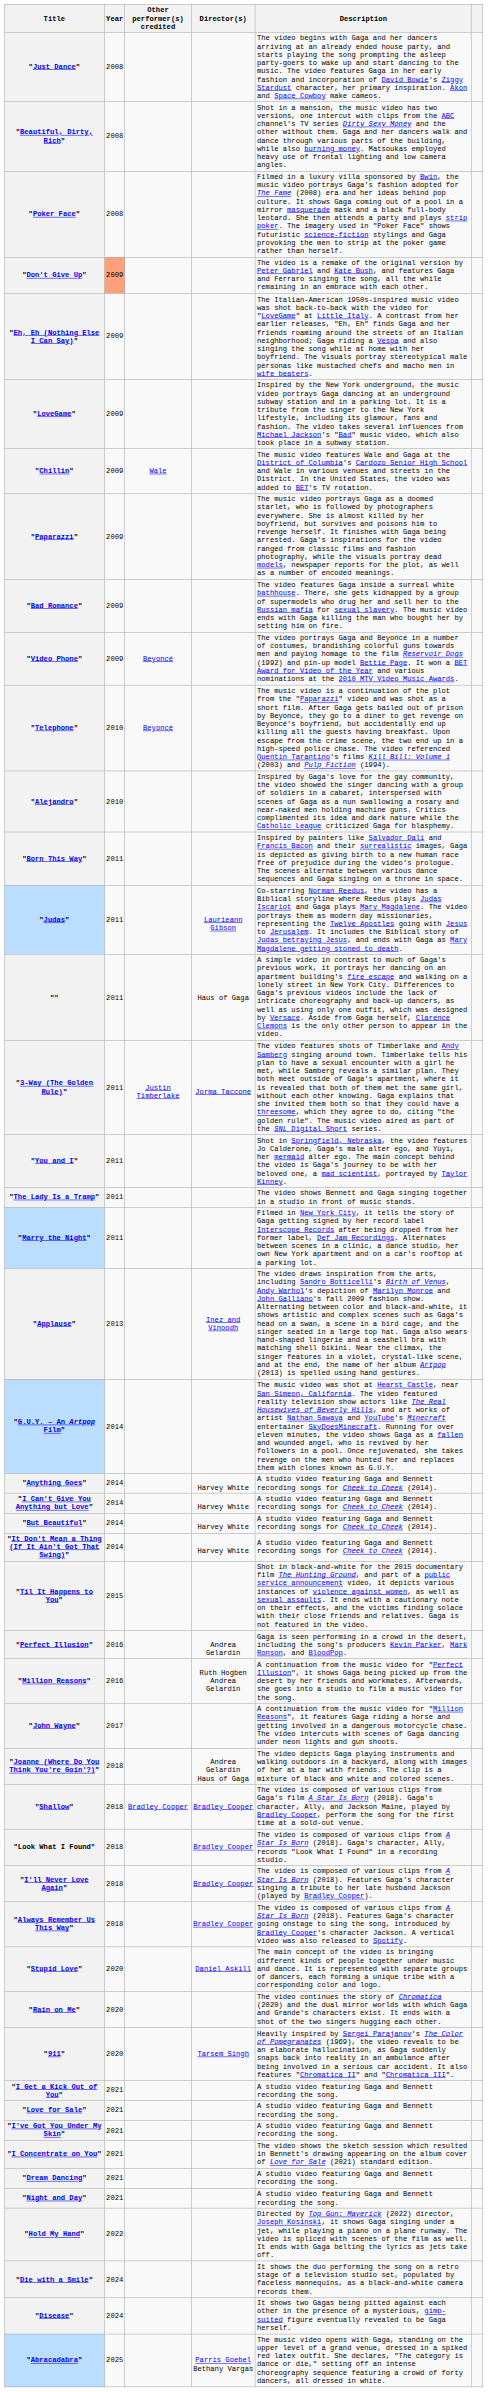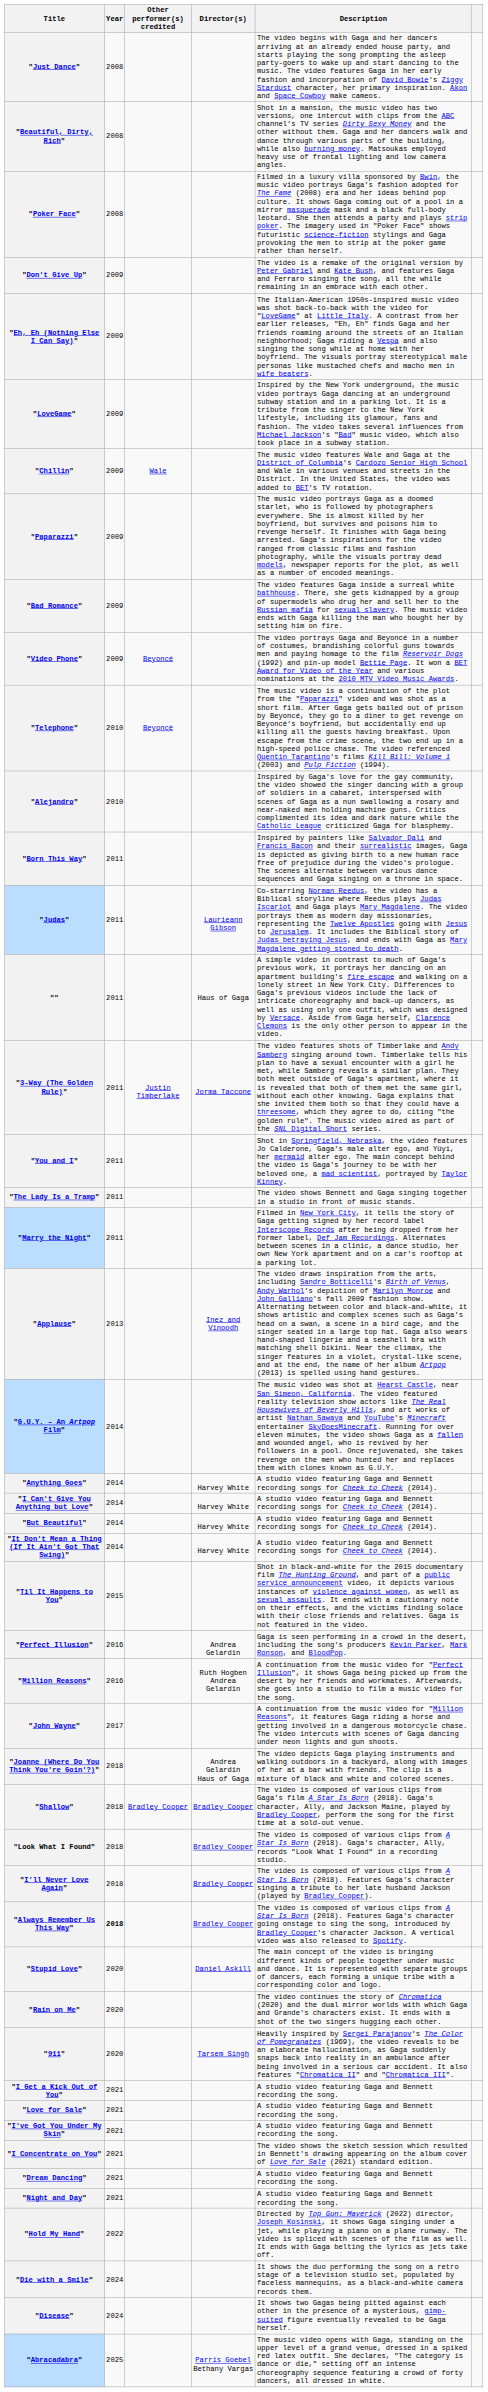 <table class="wikitable sortable plainrowheaders" style="text-align:center;">
 <tr>
 <th scope="col" style="width:18em;">Title</th>
 <th scope="col" style="width:2em;">Year</th>
 <th scope="col" style="width:10em;">Other performer(s) credited</th>
 <th scope="col" style="width:10em;">Director(s)</th>
 <th scope="col" style="width:45em;" class="unsortable">Description</th>
 <th scope="col" style="width:2em;" class="unsortable"></th>
 </tr>
 <tr>
 <th scope="row">"<a href='#'>Just Dance</a>"</th>
 <td>2008</td>
 <td></td>
 <td></td>
 <td style="text-align:left;">The video begins with Gaga and her dancers arriving at an already ended house party, and starts playing the song prompting the asleep party-goers to wake up and start dancing to the music. The video features Gaga in her early fashion and incorporation of <a href='#'>David Bowie</a>'s <a href='#'>Ziggy Stardust</a> character, her primary inspiration. <a href='#'>Akon</a> and <a href='#'>Space Cowboy</a> make cameos.</td>
 <td></td>
 </tr>
 <tr>
 <th scope="row">"<a href='#'>Beautiful, Dirty, Rich</a>"</th>
 <td>2008</td>
 <td></td>
 <td></td>
 <td style="text-align:left;">Shot in a mansion, the music video has two versions, one intercut with clips from the <a href='#'>ABC</a> channel's TV series <em><a href='#'>Dirty Sexy Money</a></em> and the other without them. Gaga and her dancers walk and dance through various parts of the building, while also <a href='#'>burning money</a>. Matsoukas employed heavy use of frontal lighting and low camera angles.</td>
 <td></td>
 </tr>
 <tr>
 <th scope="row">"<a href='#'>Poker Face</a>"</th>
 <td>2008</td>
 <td></td>
 <td></td>
 <td style="text-align:left;">Filmed in a luxury villa sponsored by <a href='#'>Bwin</a>, the music video portrays Gaga's fashion adopted for <em><a href='#'>The Fame</a></em> (2008) era and her ideas behind pop culture. It shows Gaga coming out of a pool in a mirror <a href='#'>masquerade</a> mask and a black full-body leotard. She then attends a party and plays <a href='#'>strip poker</a>. The imagery used in "Poker Face" shows futuristic <a href='#'>science-fiction</a> stylings and Gaga provoking the men to strip at the poker game rather than herself.</td>
 <td></td>
 </tr>
 <tr>
 <th scope="row">"<a href='#'>Don't Give Up</a>"</th>
-<td style="background: lightsalmon;">2009</td>
+<td>2009</td>
 <td></td>
 <td></td>
 <td style="text-align:left;">The video is a remake of the original version by <a href='#'>Peter Gabriel</a> and <a href='#'>Kate Bush</a>, and features Gaga and Ferraro singing the song, all the while remaining in an embrace with each other.</td>
 <td></td>
 </tr>
 <tr>
 <th scope="row">"<a href='#'>Eh, Eh (Nothing Else I Can Say)</a>"</th>
 <td>2009</td>
 <td></td>
 <td></td>
 <td style="text-align:left;">The Italian-American 1950s-inspired music video was shot back-to-back with the video for "<a href='#'>LoveGame</a>" at <a href='#'>Little Italy</a>. A contrast from her earlier releases, "Eh, Eh" finds Gaga and her friends roaming around the streets of an Italian neighborhood; Gaga riding a <a href='#'>Vespa</a> and also singing the song while at home with her boyfriend. The visuals portray stereotypical male personas like mustached chefs and macho men in <a href='#'>wife beaters</a>.</td>
 <td></td>
 </tr>
 <tr>
 <th scope="row">"<a href='#'>LoveGame</a>"</th>
 <td>2009</td>
 <td></td>
 <td></td>
 <td style="text-align:left;">Inspired by the New York underground, the music video portrays Gaga dancing at an underground subway station and in a parking lot. It is a tribute from the singer to the New York lifestyle, including its glamour, fans and fashion. The video takes several influences from <a href='#'>Michael Jackson</a>'s "<a href='#'>Bad</a>" music video, which also took place in a subway station.</td>
 <td></td>
 </tr>
 <tr>
 <th scope="row">"<a href='#'>Chillin</a>"</th>
 <td>2009</td>
 <td><a href='#'>Wale</a></td>
 <td></td>
 <td style="text-align:left;">The music video features Wale and Gaga at the <a href='#'>District of Columbia</a>'s <a href='#'>Cardozo Senior High School</a> and Wale in various venues and streets in the District. In the United States, the video was added to <a href='#'>BET</a>'s TV rotation.</td>
 <td></td>
 </tr>
 <tr>
 <th scope="row">"<a href='#'>Paparazzi</a>"</th>
 <td>2009</td>
 <td></td>
 <td></td>
 <td style="text-align:left;">The music video portrays Gaga as a doomed starlet, who is followed by photographers everywhere. She is almost killed by her boyfriend, but survives and poisons him to revenge herself. It finishes with Gaga being arrested. Gaga's inspirations for the video ranged from classic films and fashion photography, while the visuals portray dead <a href='#'>models</a>, newspaper reports for the plot, as well as a number of encoded meanings.</td>
 <td></td>
 </tr>
 <tr>
 <th scope="row">"<a href='#'>Bad Romance</a>"</th>
 <td>2009</td>
 <td></td>
 <td></td>
 <td style="text-align:left;">The video features Gaga inside a surreal white <a href='#'>bathhouse</a>. There, she gets kidnapped by a group of supermodels who drug her and sell her to the <a href='#'>Russian mafia</a> for <a href='#'>sexual slavery</a>. The music video ends with Gaga killing the man who bought her by setting him on fire.</td>
 <td></td>
 </tr>
 <tr>
 <th scope="row">"<a href='#'>Video Phone</a>"</th>
 <td>2009</td>
 <td><a href='#'>Beyoncé</a></td>
 <td></td>
 <td style="text-align:left;">The video portrays Gaga and Beyoncé in a number of costumes, brandishing colorful guns towards men and paying homage to the film <em><a href='#'>Reservoir Dogs</a></em> (1992) and pin-up model <a href='#'>Bettie Page</a>. It won a <a href='#'>BET Award for Video of the Year</a> and various nominations at the <a href='#'>2010 MTV Video Music Awards</a>.</td>
 <td></td>
 </tr>
 <tr>
 <th scope="row">"<a href='#'>Telephone</a>"</th>
 <td>2010</td>
 <td><a href='#'>Beyoncé</a></td>
 <td></td>
 <td style="text-align:left;">The music video is a continuation of the plot from the "<a href='#'>Paparazzi</a>" video and was shot as a short film. After Gaga gets bailed out of prison by Beyoncé, they go to a diner to get revenge on Beyoncé's boyfriend, but accidentally end up killing all the guests having breakfast. Upon escape from the crime scene, the two end up in a high-speed police chase. The video referenced <a href='#'>Quentin Tarantino</a>'s films <em><a href='#'>Kill Bill: Volume 1</a></em> (2003) and <em><a href='#'>Pulp Fiction</a></em> (1994).</td>
 <td></td>
 </tr>
 <tr>
 <th scope="row">"<a href='#'>Alejandro</a>"</th>
 <td>2010</td>
 <td></td>
 <td></td>
 <td style="text-align:left;">Inspired by Gaga's love for the gay community, the video showed the singer dancing with a group of soldiers in a cabaret, interspersed with scenes of Gaga as a nun swallowing a rosary and near-naked men holding machine guns. Critics complimented its idea and dark nature while the <a href='#'>Catholic League</a> criticized Gaga for blasphemy.</td>
 <td></td>
 </tr>
 <tr>
 <th scope="row">"<a href='#'>Born This Way</a>"</th>
 <td>2011</td>
 <td></td>
 <td></td>
 <td style="text-align:left;">Inspired by painters like <a href='#'>Salvador Dalí</a> and <a href='#'>Francis Bacon</a> and their <a href='#'>surrealistic</a> images, Gaga is depicted as giving birth to a new human race free of prejudice during the video's prologue. The scenes alternate between various dance sequences and Gaga singing on a throne in space.</td>
 <td></td>
 </tr>
 <tr>
 <th style="background:#bdf;" scope="row">"<a href='#'>Judas</a>" </th>
 <td>2011</td>
 <td></td>
 <td><br><a href='#'>Laurieann Gibson</a></td>
 <td style="text-align:left;">Co-starring <a href='#'>Norman Reedus</a>, the video has a Biblical storyline where Reedus plays <a href='#'>Judas Iscariot</a> and Gaga plays <a href='#'>Mary Magdalene</a>. The video portrays them as modern day missionaries, representing the <a href='#'>Twelve Apostles</a> going with <a href='#'>Jesus</a> to <a href='#'>Jerusalem</a>. It includes the Biblical story of <a href='#'>Judas betraying Jesus</a>, and ends with Gaga as <a href='#'>Mary Magdalene getting stoned to death</a>.</td>
 <td></td>
 </tr>
 <tr>
 <th scope="row">""</th>
 <td>2011</td>
 <td></td>
 <td>Haus of Gaga</td>
 <td style="text-align:left;">A simple video in contrast to much of Gaga's previous work, it portrays her dancing on an apartment building's <a href='#'>fire escape</a> and walking on a lonely street in New York City. Differences to Gaga's previous videos include the lack of intricate choreography and back-up dancers, as well as using only one outfit, which was designed by <a href='#'>Versace</a>. Aside from Gaga herself, <a href='#'>Clarence Clemons</a> is the only other person to appear in the video.</td>
 <td></td>
 </tr>
 <tr>
 <th scope="row">"<a href='#'>3-Way (The Golden Rule)</a>"</th>
 <td>2011</td>
 <td><br><a href='#'>Justin Timberlake</a></td>
 <td><br><a href='#'>Jorma Taccone</a></td>
 <td style="text-align:left;">The video features shots of Timberlake and <a href='#'>Andy Samberg</a> singing around town. Timberlake tells his plan to have a sexual encounter with a girl he met, while Samberg reveals a similar plan. They both meet outside of Gaga's apartment, where it is revealed that both of them met the same girl, without each other knowing. Gaga explains that she invited them both so that they could have a <a href='#'>threesome</a>, which they agree to do, citing "the golden rule". The music video aired as part of the <a href='#'><em>SNL</em> Digital Short</a> series.</td>
 <td></td>
 </tr>
 <tr>
 <th scope="row">"<a href='#'>You and I</a>"</th>
 <td>2011</td>
 <td></td>
 <td></td>
 <td style="text-align:left;">Shot in <a href='#'>Springfield, Nebraska</a>, the video features Jo Calderone, Gaga's male alter ego, and Yüyi, her <a href='#'>mermaid</a> alter ego. The main concept behind the video is Gaga's journey to be with her beloved one, a <a href='#'>mad scientist</a>, portrayed by <a href='#'>Taylor Kinney</a>.</td>
 <td></td>
 </tr>
 <tr>
 <th scope="row">"<a href='#'>The Lady Is a Tramp</a>"</th>
 <td>2011</td>
 <td></td>
 <td></td>
 <td style="text-align:left;">The video shows Bennett and Gaga singing together in a studio in front of music stands.</td>
 <td></td>
 </tr>
 <tr>
 <th style="background:#bdf;" scope="row">"<a href='#'>Marry the Night</a>" </th>
 <td>2011</td>
 <td></td>
 <td></td>
 <td style="text-align:left;">Filmed in <a href='#'>New York City</a>, it tells the story of Gaga getting signed by her record label <a href='#'>Interscope Records</a> after being dropped from her former label, <a href='#'>Def Jam Recordings</a>. Alternates between scenes in a clinic, a dance studio, her own New York apartment and on a car's rooftop at a parking lot.</td>
 <td></td>
 </tr>
 <tr>
 <th scope="row">"<a href='#'>Applause</a>"</th>
 <td>2013</td>
 <td></td>
 <td><a href='#'>Inez and Vinoodh</a></td>
 <td style="text-align:left;">The video draws inspiration from the arts, including <a href='#'>Sandro Botticelli</a>'s <em><a href='#'>Birth of Venus</a></em>, <a href='#'>Andy Warhol</a>'s depiction of <a href='#'>Marilyn Monroe</a> and <a href='#'>John Galliano</a>'s fall 2009 fashion show. Alternating between color and black-and-white, it shows artistic and complex scenes such as Gaga's head on a swan, a scene in a bird cage, and the singer seated in a large top hat. Gaga also wears hand-shaped lingerie and a seashell bra with matching shell bikini. Near the climax, the singer features in a violet, crystal-like scene, and at the end, the name of her album <em><a href='#'>Artpop</a></em> (2013) is spelled using hand gestures.</td>
 <td><br></td>
 </tr>
 <tr>
 <th style="background:#bdf;" scope="row">"<a href='#'>G.U.Y. – An <em>Artpop</em> Film</a>" </th>
 <td>2014</td>
 <td></td>
 <td></td>
 <td style="text-align:left;">The music video was shot at <a href='#'>Hearst Castle</a>, near <a href='#'>San Simeon, California</a>. The video featured reality television show actors like <em><a href='#'>The Real Housewives of Beverly Hills</a></em>, and art works of artist <a href='#'>Nathan Sawaya</a> and <a href='#'>YouTube</a>'s <em><a href='#'>Minecraft</a></em> entertainer <a href='#'>SkyDoesMinecraft</a>. Running for over eleven minutes, the video shows Gaga as a <a href='#'>fallen</a> and wounded angel, who is revived by her followers in a pool. Once rejuvenated, she takes revenge on the men who hunted her and replaces them with clones known as G.U.Y.</td>
 <td></td>
 </tr>
 <tr>
 <th scope="row">"<a href='#'>Anything Goes</a>"</th>
 <td>2014</td>
 <td></td>
 <td><br>Harvey White</td>
 <td style="text-align:left;">A studio video featuring Gaga and Bennett recording songs for <em><a href='#'>Cheek to Cheek</a></em> (2014).</td>
 <td></td>
 </tr>
 <tr>
 <th scope="row">"<a href='#'>I Can't Give You Anything but Love</a>"</th>
 <td>2014</td>
 <td></td>
 <td><br>Harvey White</td>
 <td style="text-align:left;">A studio video featuring Gaga and Bennett recording songs for <em><a href='#'>Cheek to Cheek</a></em> (2014).</td>
 <td></td>
 </tr>
 <tr>
 <th scope="row">"<a href='#'>But Beautiful</a>"</th>
 <td>2014</td>
 <td></td>
 <td><br>Harvey White</td>
 <td style="text-align:left;">A studio video featuring Gaga and Bennett recording songs for <em><a href='#'>Cheek to Cheek</a></em> (2014).</td>
 <td></td>
 </tr>
 <tr>
 <th scope="row">"<a href='#'>It Don't Mean a Thing (If It Ain't Got That Swing)</a>"</th>
 <td>2014</td>
 <td></td>
 <td><br>Harvey White</td>
 <td style="text-align:left;">A studio video featuring Gaga and Bennett recording songs for <em><a href='#'>Cheek to Cheek</a></em> (2014).</td>
 <td></td>
 </tr>
 <tr>
 <th scope="row">"<a href='#'>Til It Happens to You</a>"</th>
 <td>2015</td>
 <td></td>
 <td></td>
 <td style="text-align:left;">Shot in black-and-white for the 2015 documentary film <em><a href='#'>The Hunting Ground</a></em>, and part of a <a href='#'>public service announcement</a> video, it depicts various instances of <a href='#'>violence against women</a>, as well as <a href='#'>sexual assaults</a>. It ends with a cautionary note on their effects, and the victims finding solace with their close friends and relatives. Gaga is not featured in the video.</td>
 <td></td>
 </tr>
 <tr>
 <th scope="row">"<a href='#'>Perfect Illusion</a>"</th>
 <td>2016</td>
 <td></td>
 <td><br>Andrea Gelardin</td>
 <td style="text-align:left;">Gaga is seen performing in a crowd in the desert, including the song's producers <a href='#'>Kevin Parker</a>, <a href='#'>Mark Ronson</a>, and <a href='#'>BloodPop</a>.</td>
 <td></td>
 </tr>
 <tr>
 <th scope="row">"<a href='#'>Million Reasons</a>"</th>
 <td>2016</td>
 <td></td>
 <td>Ruth Hogben<br>Andrea Gelardin</td>
 <td style="text-align:left;">A continuation from the music video for "<a href='#'>Perfect Illusion</a>", it shows Gaga being picked up from the desert by her friends and workmates. Afterwards, she goes into a studio to film a music video for the song.</td>
 <td><br></td>
 </tr>
 <tr>
 <th scope="row">"<a href='#'>John Wayne</a>"</th>
 <td>2017</td>
 <td></td>
 <td></td>
 <td style="text-align:left;">A continuation from the music video for "<a href='#'>Million Reasons</a>", it features Gaga riding a horse and getting involved in a dangerous motorcycle chase. The video intercuts with scenes of Gaga dancing under neon lights and gun shoots.</td>
 <td></td>
 </tr>
 <tr>
 <th scope="row">"<a href='#'>Joanne (Where Do You Think You're Goin'?)</a>"</th>
 <td>2018</td>
 <td></td>
 <td><br>Andrea Gelardin<br>Haus of Gaga</td>
 <td style="text-align:left;">The video depicts Gaga playing instruments and walking outdoors in a backyard, along with images of her at a bar with friends. The clip is a mixture of black and white and colored scenes.</td>
 <td><br></td>
 </tr>
 <tr>
 <th scope="row">"<a href='#'>Shallow</a>"</th>
 <td>2018</td>
 <td><a href='#'>Bradley Cooper</a></td>
 <td><a href='#'>Bradley Cooper</a></td>
 <td style="text-align:left;">The video is composed of various clips from Gaga's film <em><a href='#'>A Star Is Born</a></em> (2018). Gaga's character, Ally, and Jackson Maine, played by <a href='#'>Bradley Cooper</a>, perform the song for the first time at a sold-out venue.</td>
 <td></td>
 </tr>
 <tr>
 <th scope="row">"Look What I Found"</th>
 <td>2018</td>
 <td></td>
 <td><a href='#'>Bradley Cooper</a></td>
 <td style="text-align:left;">The video is composed of various clips from <em><a href='#'>A Star Is Born</a></em> (2018). Gaga's character, Ally, records "Look What I Found" in a recording studio.</td>
 <td></td>
 </tr>
 <tr>
 <th scope="row">"<a href='#'>I'll Never Love Again</a>"</th>
 <td>2018</td>
 <td></td>
 <td><a href='#'>Bradley Cooper</a></td>
 <td style="text-align:left;">The video is composed of various clips from <em><a href='#'>A Star Is Born</a></em> (2018). Features Gaga's character singing a tribute to her late husband Jackson (played by <a href='#'>Bradley Cooper</a>).</td>
 <td></td>
 </tr>
 <tr>
 <th scope="row">"<a href='#'>Always Remember Us This Way</a>"</th>
-<td>2018</td>
+<td><strong>2018</strong></td>
 <td></td>
 <td><a href='#'>Bradley Cooper</a></td>
 <td style="text-align:left;">The video is composed of various clips from <em><a href='#'>A Star Is Born</a></em> (2018). Features Gaga's character going onstage to sing the song, introduced by <a href='#'>Bradley Cooper</a>'s character Jackson. A vertical video was also released to <a href='#'>Spotify</a>.</td>
 <td></td>
 </tr>
 <tr>
 <th scope="row">"<a href='#'>Stupid Love</a>"</th>
 <td>2020</td>
 <td></td>
 <td><a href='#'>Daniel Askill</a></td>
 <td style="text-align:left;">The main concept of the video is bringing different kinds of people together under music and dance. It is represented with separate groups of dancers, each forming a unique tribe with a corresponding color and logo.</td>
 <td></td>
 </tr>
 <tr>
 <th scope="row">"<a href='#'>Rain on Me</a>"</th>
 <td>2020</td>
 <td></td>
 <td></td>
 <td style="text-align:left;">The video continues the story of <em><a href='#'>Chromatica</a></em> (2020) and the dual mirror worlds with which Gaga and Grande's characters exist. It ends with a shot of the two singers hugging each other.</td>
 <td></td>
 </tr>
 <tr>
 <th scope="row">"<a href='#'>911</a>"</th>
 <td>2020</td>
 <td></td>
 <td><a href='#'>Tarsem Singh</a></td>
 <td style="text-align:left;">Heavily inspired by <a href='#'>Sergei Parajanov</a>'s <em><a href='#'>The Color of Pomegranates</a></em> (1969), the video reveals to be an elaborate hallucination, as Gaga suddenly snaps back into reality in an ambulance after being involved in a serious car accident. It also features "<a href='#'>Chromatica II</a>" and "<a href='#'>Chromatica III</a>".</td>
 <td></td>
 </tr>
 <tr>
 <th scope="row">"<a href='#'>I Get a Kick Out of You</a>"</th>
 <td>2021</td>
 <td></td>
 <td></td>
 <td style="text-align:left;">A studio video featuring Gaga and Bennett recording the song.</td>
 <td> <br></td>
 </tr>
 <tr>
 <th scope="row">"<a href='#'>Love for Sale</a>"</th>
 <td>2021</td>
 <td></td>
 <td></td>
 <td style="text-align:left;">A studio video featuring Gaga and Bennett recording the song.</td>
 <td> <br></td>
 </tr>
 <tr>
 <th scope="row">"<a href='#'>I've Got You Under My Skin</a>"</th>
 <td>2021</td>
 <td></td>
 <td></td>
 <td style="text-align:left;">A studio video featuring Gaga and Bennett recording the song.</td>
 <td> <br></td>
 </tr>
 <tr>
 <th scope="row">"<a href='#'>I Concentrate on You</a>"</th>
 <td>2021</td>
 <td></td>
 <td></td>
 <td style="text-align:left;">The video shows the sketch session which resulted in Bennett's drawing appearing on the album cover of <em><a href='#'>Love for Sale</a></em> (2021) standard edition.</td>
 <td> <br></td>
 </tr>
 <tr>
 <th scope="row">"<a href='#'>Dream Dancing</a>"</th>
 <td>2021</td>
 <td></td>
 <td></td>
 <td style="text-align:left;">A studio video featuring Gaga and Bennett recording the song.</td>
 <td> <br></td>
 </tr>
 <tr>
 <th scope="row">"<a href='#'>Night and Day</a>"</th>
 <td>2021</td>
 <td></td>
 <td></td>
 <td style="text-align:left;">A studio video featuring Gaga and Bennett recording the song.</td>
 <td> <br></td>
 </tr>
 <tr>
 <th scope="row">"<a href='#'>Hold My Hand</a>"</th>
 <td>2022</td>
 <td></td>
 <td></td>
 <td style="text-align:left;">Directed by <em><a href='#'>Top Gun: Maverick</a></em> (2022) director, <a href='#'>Joseph Kosinski</a>, it shows Gaga singing under a jet, while playing a piano on a plane runway. The video is spliced with scenes of the film as well. It ends with Gaga belting the lyrics as jets take off.</td>
 <td></td>
 </tr>
 <tr>
 <th scope="row">"<a href='#'>Die with a Smile</a>"</th>
 <td>2024</td>
 <td></td>
 <td> <br> </td>
 <td style="text-align:left;">It shows the duo performing the song on a retro stage of a television studio set, populated by faceless mannequins, as a black-and-white camera records them.</td>
 <td></td>
 </tr>
 <tr>
 <th scope="row">"<a href='#'>Disease</a>"</th>
 <td>2024</td>
 <td></td>
 <td></td>
 <td style="text-align:left;">It shows two Gagas being pitted against each other in the presence of a mysterious, <a href='#'>gimp-suited</a> figure eventually revealed to be Gaga herself.</td>
 <td></td>
 </tr>
 <tr>
 <th style="background:#bdf;" scope="row">"<a href='#'>Abracadabra</a>" </th>
 <td>2025</td>
 <td></td>
 <td><br><a href='#'>Parris Goebel</a><br>Bethany Vargas</td>
 <td style="text-align:left;">The music video opens with Gaga, standing on the upper level of a grand venue, dressed in a spiked red latex outfit. She declares, "The category is dance or die," setting off an intense choreography sequence featuring a crowd of forty dancers, all dressed in white.</td>
 <td></td>
 </tr>
 </table>
